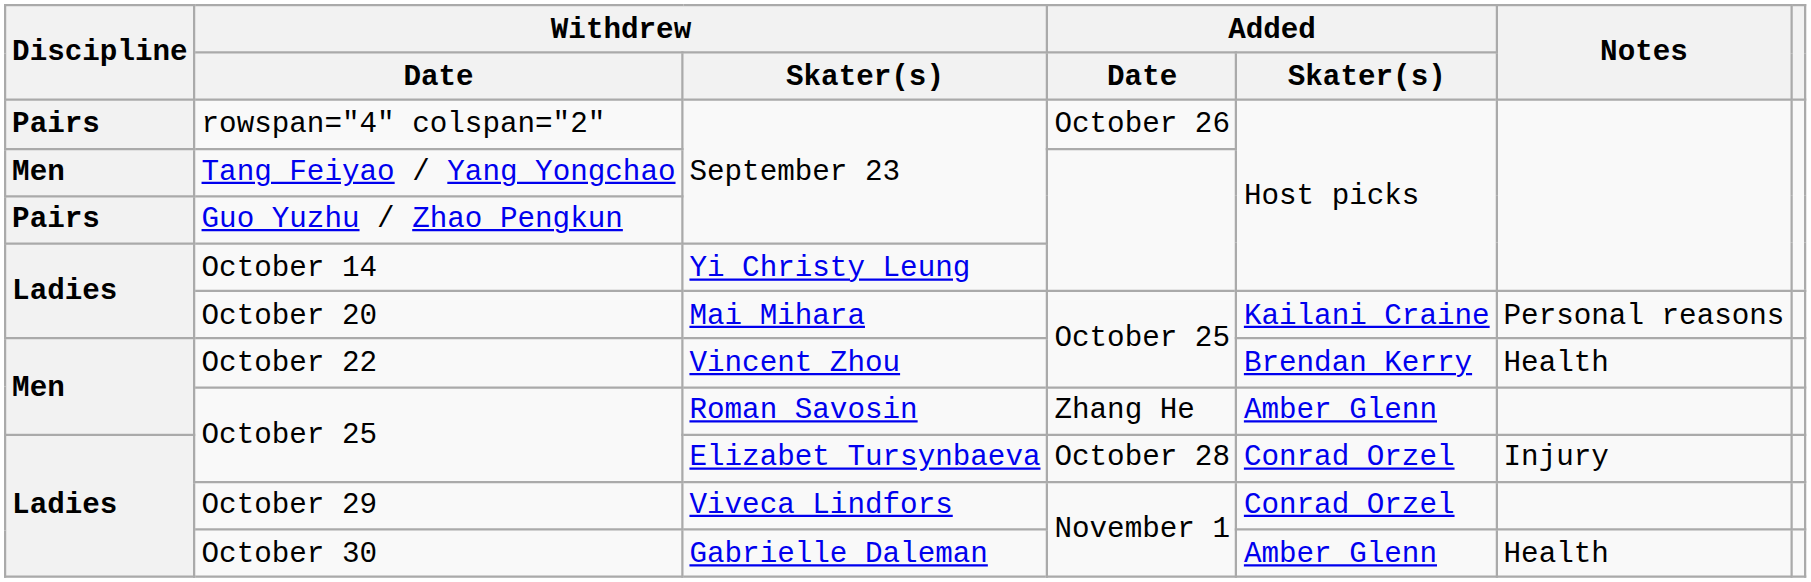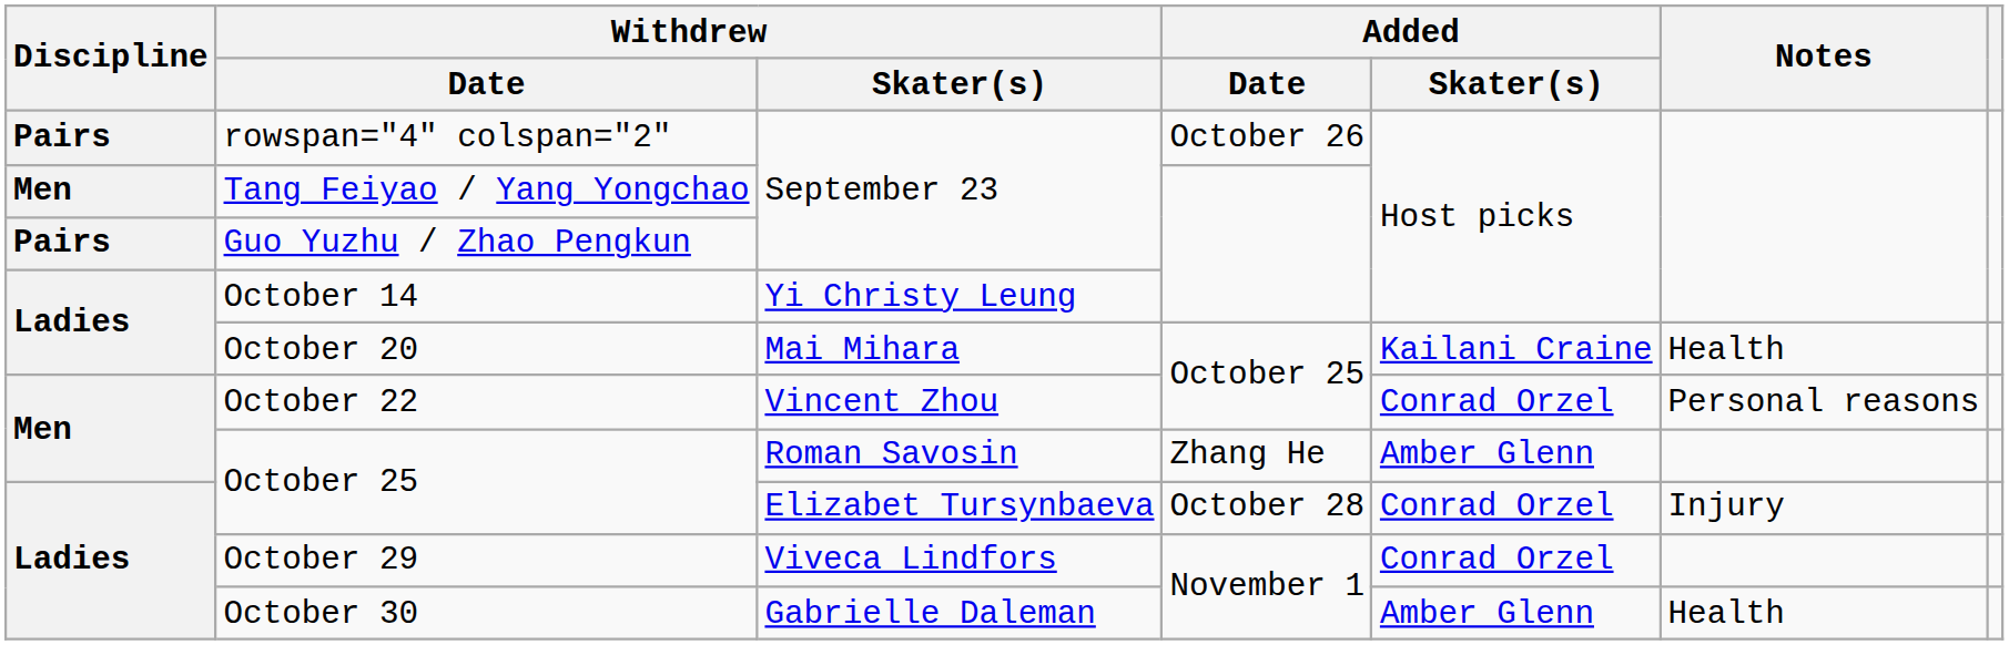 <table class="wikitable unsortable">
 <tr>
 <th scope="col" rowspan=2>Discipline</th>
 <th scope="col" colspan=2>Withdrew</th>
 <th scope="col" colspan=2>Added</th>
 <th scope="col" rowspan=2>Notes</th>
 <th scope="col" rowspan=2></th>
 </tr>
 <tr>
 <th>Date</th>
 <th>Skater(s)</th>
 <th>Date</th>
 <th>Skater(s)</th>
 </tr>
 <tr>
 <th scope="row" style="text-align:left">Pairs</th>
 <td>rowspan="4" colspan="2" </td>
 <td rowspan="3">September 23</td>
 <td>October 26</td>
 <td rowspan=4>Host picks</td>
 <td rowspan=4></td>
 </tr>
 <tr>
 <th scope="row" style="text-align:left">Men</th>
 <td> <a href='#'>Tang Feiyao</a> / <a href='#'>Yang Yongchao</a></td>
 </tr>
 <tr>
 <th scope="row" style="text-align:left">Pairs</th>
 <td> <a href='#'>Guo Yuzhu</a> / <a href='#'>Zhao Pengkun</a></td>
 </tr>
 <tr>
 <th scope="row" style="text-align:left" rowspan="2">Ladies</th>
 <td>October 14</td>
 <td> <a href='#'>Yi Christy Leung</a></td>
 </tr>
 <tr>
 <td>October 20</td>
 <td> <a href='#'>Mai Mihara</a></td>
 <td rowspan="2">October 25</td>
 <td> <a href='#'>Kailani Craine</a></td>
-<td>Personal reasons</td>
+<td>Health</td>
 <td></td>
 </tr>
 <tr>
 <th scope="row" style="text-align:left" rowspan="2">Men</th>
 <td>October 22</td>
 <td> <a href='#'>Vincent Zhou</a></td>
-<td> <a href='#'>Brendan Kerry</a></td>
-<td>Health</td>
+<td> <a href='#'>Conrad Orzel</a></td>
+<td>Personal reasons</td>
 <td></td>
 </tr>
 <tr>
 <td rowspan="2">October 25</td>
 <td> <a href='#'>Roman Savosin</a></td>
 <td> Zhang He</td>
 <td> <a href='#'>Amber Glenn</a></td>
 <td></td>
 <td></td>
 </tr>
 <tr>
 <th scope="row" style="text-align:left" rowspan="3">Ladies</th>
 <td> <a href='#'>Elizabet Tursynbaeva</a></td>
 <td>October 28</td>
 <td> <a href='#'>Conrad Orzel</a></td>
 <td>Injury</td>
 <td></td>
 </tr>
 <tr>
 <td>October 29</td>
 <td> <a href='#'>Viveca Lindfors</a></td>
 <td rowspan="2">November 1</td>
 <td> <a href='#'>Conrad Orzel</a></td>
 <td></td>
 <td></td>
 </tr>
 <tr>
 <td>October 30</td>
 <td> <a href='#'>Gabrielle Daleman</a></td>
 <td> <a href='#'>Amber Glenn</a></td>
 <td>Health</td>
 <td></td>
 </tr>
 </table>
